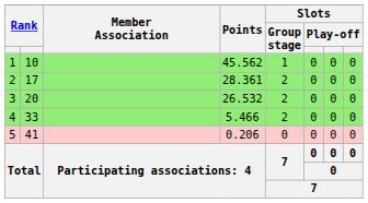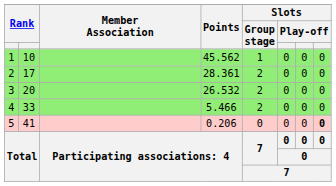 <table class="wikitable" style="text-align:center">
 <tr>
 </tr>
 <tr>
 <th colspan=2 rowspan=2><a href='#'>Rank</a></th>
 <th rowspan=3 width=200>Member<br>Association</th>
 <th rowspan=3>Points</th>
 <th colspan=5>Slots</th>
 </tr>
 <tr>
 <th rowspan=2>Group<br>stage</th>
 <th colspan=4>Play-off</th>
 </tr>
 <tr>
 <th></th>
 <th></th>
 <th></th>
 <th></th>
 <th></th>
 </tr>
 <tr bgcolor=#90ee77>
 <td>1</td>
 <td>10</td>
 <td align=left></td>
 <td>45.562</td>
 <td>1</td>
 <td>0</td>
 <td>0</td>
 <td>0</td>
 </tr>
 <tr bgcolor=#90ee77>
 <td>2</td>
 <td>17</td>
 <td align=left></td>
 <td>28.361</td>
 <td>2</td>
 <td>0</td>
 <td>0</td>
 <td>0</td>
 </tr>
 <tr bgcolor=#90ee77>
 <td>3</td>
 <td>20</td>
 <td align=left></td>
 <td>26.532</td>
 <td>2</td>
 <td>0</td>
 <td>0</td>
 <td>0</td>
 </tr>
 <tr bgcolor=#90ee77>
 <td>4</td>
 <td>33</td>
 <td align=left></td>
 <td>5.466</td>
 <td>2</td>
 <td>0</td>
 <td>0</td>
 <td>0</td>
 </tr>
 <tr bgcolor=#ffcccc>
 <td>5</td>
 <td>41</td>
 <td align=left></td>
 <td>0.206</td>
 <td>0</td>
 <td>0</td>
 <td>0</td>
-<td>0</td>
+<td><strong>0</strong></td>
 </tr>
 <tr>
 <th colspan=2 rowspan=3>Total</th>
 <th colspan=2 rowspan=3>Participating associations: 4</th>
 <th rowspan=2>7</th>
 <th>0</th>
 <th>0</th>
 <th>0</th>
 </tr>
 <tr>
 <th colspan=3>0</th>
 </tr>
 <tr>
 <th colspan=4>7</th>
 </tr>
 </table>
